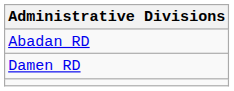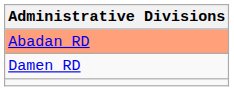 <table class="wikitable">
 <tr>
 <th>Administrative Divisions</th>
 </tr>
 <tr>
-<td><a href='#'>Abadan RD</a></td>
+<td style="background: lightsalmon;"><a href='#'>Abadan RD</a></td>
 </tr>
 <tr>
 <td><a href='#'>Damen RD</a></td>
 </tr>
 <tr>
 <td colspan=1></td>
 </tr>
 </table>
